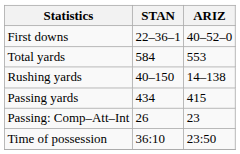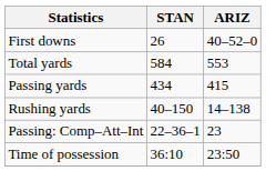 <table class="wikitable" style="float: left;">
 <tr>
 <th>Statistics</th>
 <th>STAN</th>
 <th>ARIZ</th>
 </tr>
 <tr>
 <td>First downs</td>
-<td>22–36–1</td>
+<td>26</td>
 <td>40–52–0</td>
 </tr>
 <tr>
 <td>Total yards</td>
 <td>584</td>
 <td>553</td>
 </tr>
 <tr>
+<td>Passing yards</td>
+<td>434</td>
+<td>415</td>
+</tr>
+<tr>
 <td>Rushing yards</td>
 <td>40–150</td>
 <td>14–138</td>
 </tr>
 <tr>
-<td>Passing yards</td>
-<td>434</td>
-<td>415</td>
-</tr>
-<tr>
 <td>Passing: Comp–Att–Int</td>
-<td>26</td>
+<td>22–36–1</td>
 <td>23</td>
 </tr>
 <tr>
 <td>Time of possession</td>
 <td>36:10</td>
 <td>23:50</td>
 </tr>
 <tr>
 </tr>
 </table>
